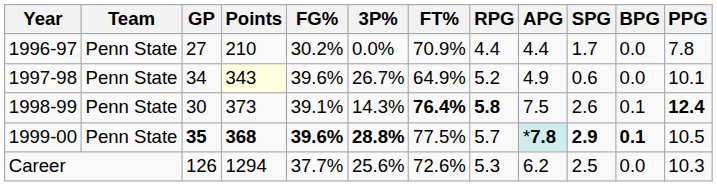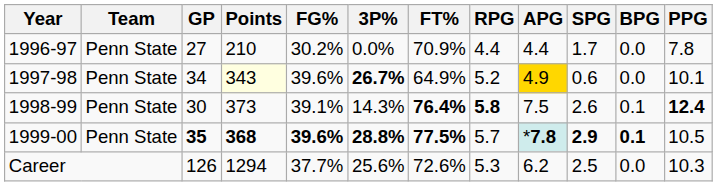 <table class="wikitable">
 <tr>
 <th>Year</th>
 <th>Team</th>
 <th>GP</th>
 <th>Points</th>
 <th>FG%</th>
 <th>3P%</th>
 <th>FT%</th>
 <th>RPG</th>
 <th>APG</th>
 <th>SPG</th>
 <th>BPG</th>
 <th>PPG</th>
 </tr>
 <tr>
 <td>1996-97</td>
 <td>Penn State</td>
 <td>27</td>
 <td>210</td>
 <td>30.2%</td>
 <td>0.0%</td>
 <td>70.9%</td>
 <td>4.4</td>
 <td>4.4</td>
 <td>1.7</td>
 <td>0.0</td>
 <td>7.8</td>
 </tr>
 <tr>
 <td>1997-98</td>
 <td>Penn State</td>
 <td>34</td>
 <td style="background: lightyellow;">343</td>
 <td>39.6%</td>
-<td>26.7%</td>
+<td><strong>26.7%</strong></td>
 <td>64.9%</td>
 <td>5.2</td>
-<td>4.9</td>
+<td style="background: gold;">4.9</td>
 <td>0.6</td>
 <td>0.0</td>
 <td>10.1</td>
 </tr>
 <tr>
 <td>1998-99</td>
 <td>Penn State</td>
 <td>30</td>
 <td>373</td>
 <td>39.1%</td>
 <td>14.3%</td>
 <td><strong>76.4%</strong></td>
 <td><strong>5.8</strong></td>
 <td>7.5</td>
 <td>2.6</td>
 <td>0.1</td>
 <td><strong>12.4</strong></td>
 </tr>
 <tr>
 <td>1999-00</td>
 <td>Penn State</td>
 <td><strong>35</strong></td>
 <td><strong>368</strong></td>
 <td><strong>39.6%</strong></td>
 <td><strong>28.8%</strong></td>
-<td>77.5%</td>
+<td><strong>77.5%</strong></td>
 <td>5.7</td>
 <td bgcolor=#cfecec>*<strong>7.8</strong></td>
 <td><strong>2.9</strong></td>
 <td><strong>0.1</strong></td>
 <td>10.5</td>
 </tr>
 <tr>
 <td colspan="2">Career</td>
 <td>126</td>
 <td>1294</td>
 <td>37.7%</td>
 <td>25.6%</td>
 <td>72.6%</td>
 <td>5.3</td>
 <td>6.2</td>
 <td>2.5</td>
 <td>0.0</td>
 <td>10.3</td>
 </tr>
 </table>
